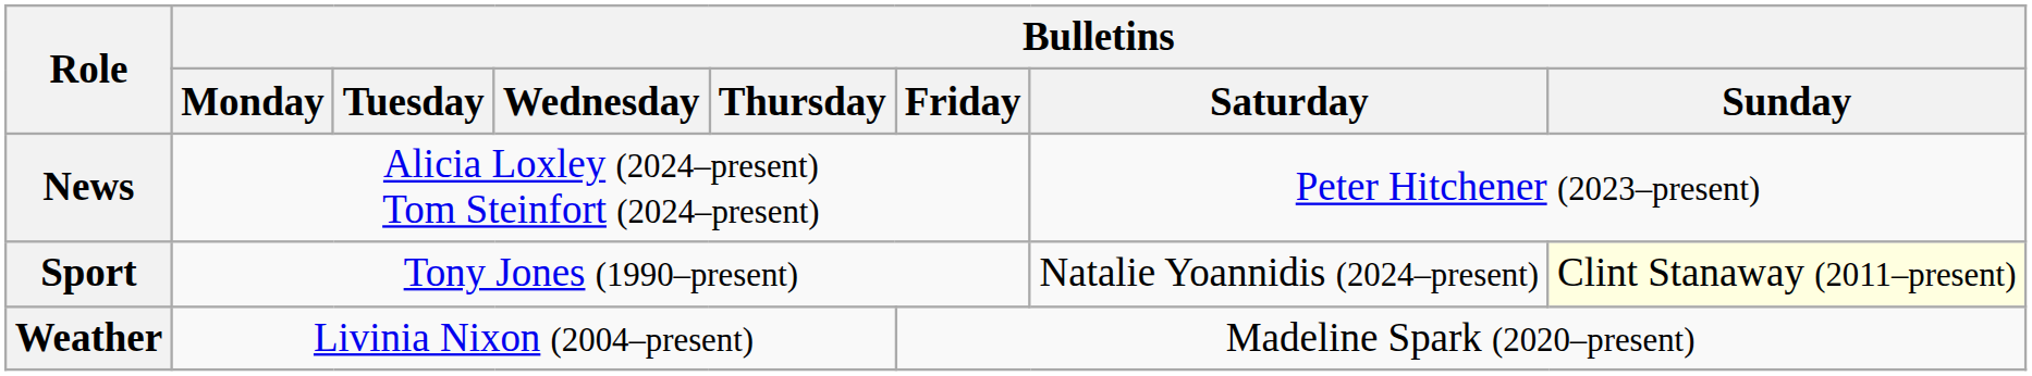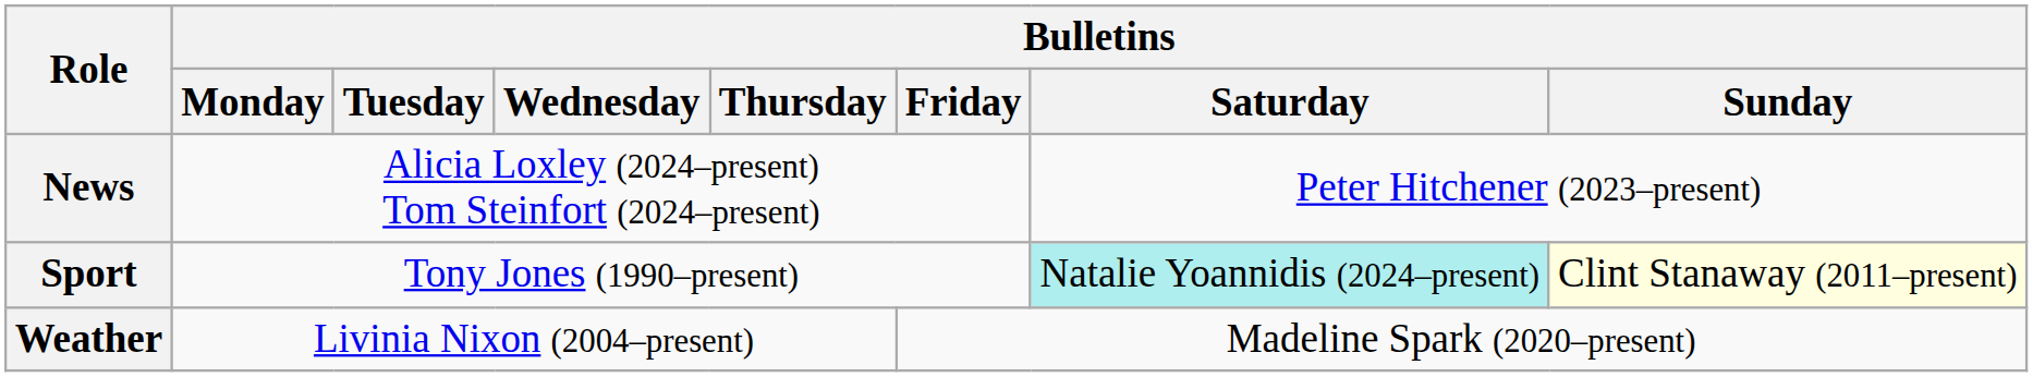 <table class="wikitable"  style="text-align:center;">
 <tr>
 <th scope="col" rowspan="2">Role</th>
 <th scope="col" colspan="7">Bulletins</th>
 </tr>
 <tr>
 <th scope="col">Monday</th>
 <th scope="col">Tuesday</th>
 <th scope="col">Wednesday</th>
 <th scope="col">Thursday</th>
 <th scope="col">Friday</th>
 <th scope="col">Saturday</th>
 <th scope="col">Sunday</th>
 </tr>
 <tr>
 <th scope="row">News</th>
 <td colspan="5"><a href='#'>Alicia Loxley</a> <small>(2024–present)</small><br><a href='#'>Tom Steinfort</a> <small>(2024–present)</small></td>
 <td colspan="2"><a href='#'>Peter Hitchener</a> <small>(2023–present)</small></td>
 </tr>
 <tr>
 <th scope="row">Sport</th>
 <td colspan="5"><a href='#'>Tony Jones</a> <small>(1990–present)</small></td>
-<td colspan="1">Natalie Yoannidis  <small>(2024–present)</small></td>
+<td colspan="1" style="background: paleturquoise;">Natalie Yoannidis  <small>(2024–present)</small></td>
 <td colspan="1" style="background: lightyellow;">Clint Stanaway <small>(2011–present)</small></td>
 </tr>
 <tr>
 <th scope="row">Weather</th>
 <td colspan="4"><a href='#'>Livinia Nixon</a> <small>(2004–present) </small></td>
 <td colspan="3">Madeline Spark <small>(2020–present)</small></td>
 </tr>
 </table>
